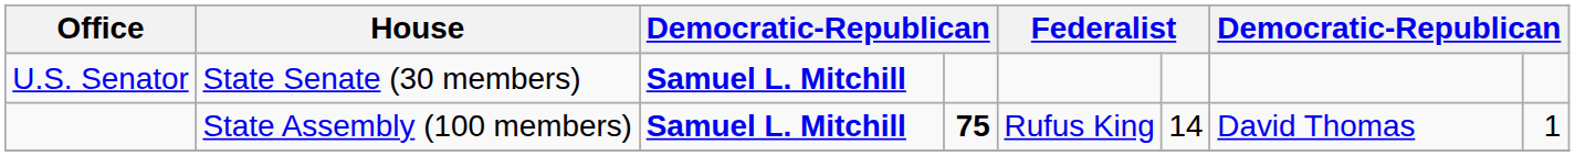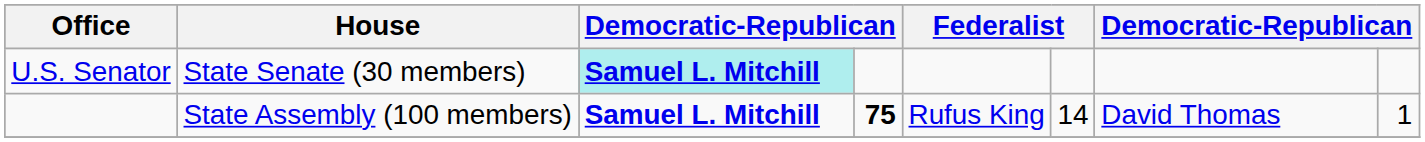 <table class=wikitable>
 <tr bgcolor=lightgrey>
 <th>Office</th>
 <th>House</th>
 <th colspan="2"><a href='#'>Democratic-Republican</a></th>
 <th colspan="2"><a href='#'>Federalist</a></th>
 <th colspan="2"><a href='#'>Democratic-Republican</a></th>
 </tr>
 <tr>
 <td><a href='#'>U.S. Senator</a></td>
 <td><a href='#'>State Senate</a> (30 members)</td>
-<td><strong><a href='#'>Samuel L. Mitchill</a></strong></td>
+<td style="background: paleturquoise;"><strong><a href='#'>Samuel L. Mitchill</a></strong></td>
 <td align="right"></td>
 <td></td>
 <td align="right"></td>
 <td></td>
 <td align="right"></td>
 </tr>
 <tr>
 <td></td>
 <td><a href='#'>State Assembly</a> (100 members)</td>
 <td><strong><a href='#'>Samuel L. Mitchill</a></strong></td>
 <td align="right"><strong>75</strong></td>
 <td><a href='#'>Rufus King</a></td>
 <td align="right">14</td>
 <td><a href='#'>David Thomas</a></td>
 <td align="right">1</td>
 </tr>
 <tr>
 </tr>
 </table>
